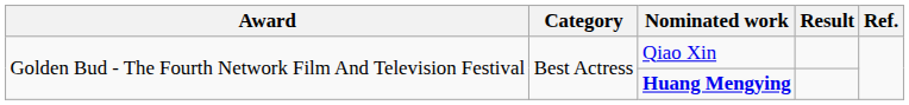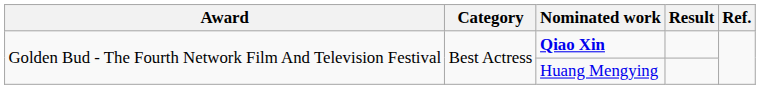 <table class="wikitable">
 <tr>
 <th>Award</th>
 <th>Category</th>
 <th>Nominated work</th>
 <th>Result</th>
 <th>Ref.</th>
 </tr>
 <tr>
 <td rowspan=2>Golden Bud - The Fourth Network Film And Television Festival</td>
 <td rowspan=2>Best Actress</td>
-<td><a href='#'>Qiao Xin</a></td>
+<td><strong><a href='#'>Qiao Xin</a></strong></td>
 <td></td>
 <td rowspan=2></td>
 </tr>
 <tr>
-<td><strong><a href='#'>Huang Mengying</a></strong></td>
+<td><a href='#'>Huang Mengying</a></td>
 <td></td>
 </tr>
 </table>
